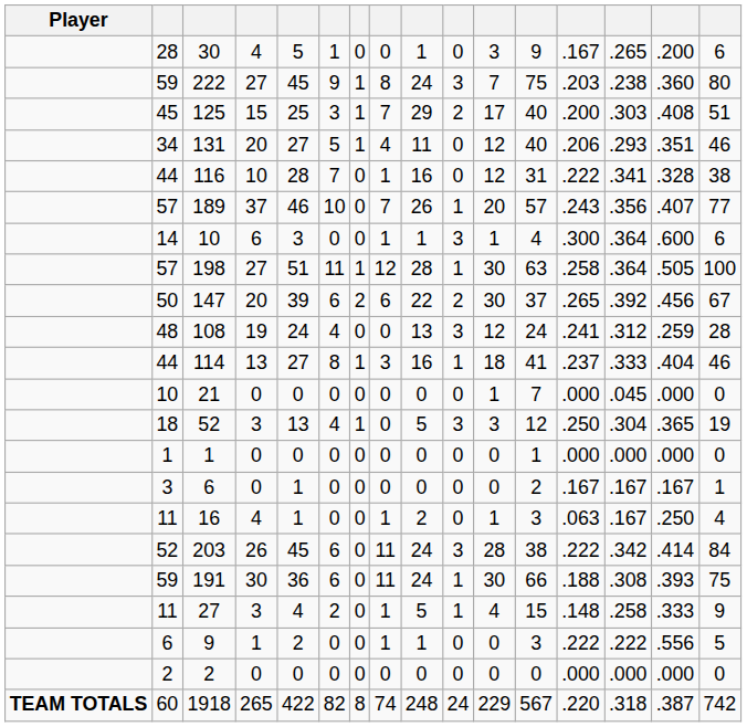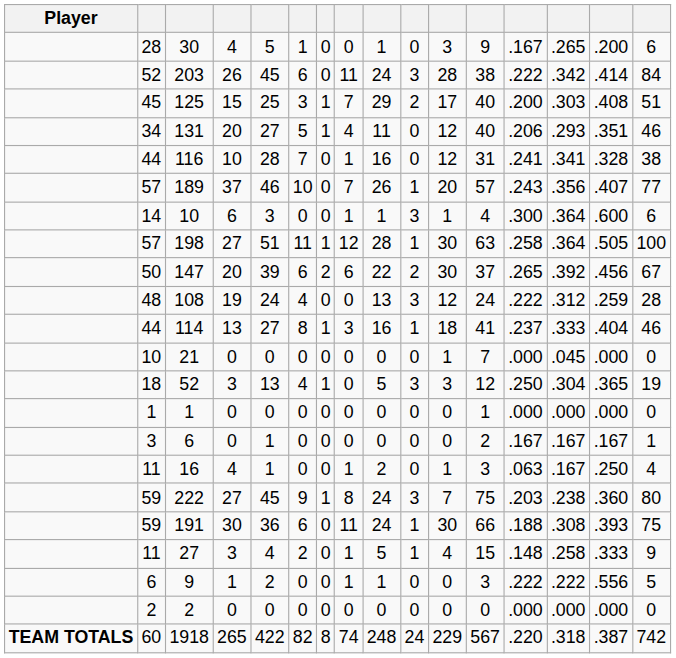 <table class="wikitable sortable" style="text-align:center;">
 <tr>
 <th>Player</th>
 <th></th>
 <th></th>
 <th></th>
 <th></th>
 <th></th>
 <th></th>
 <th></th>
 <th></th>
 <th></th>
 <th></th>
 <th></th>
 <th></th>
 <th></th>
 <th></th>
 <th></th>
 </tr>
 <tr>
 <td align=left></td>
 <td>28</td>
 <td>30</td>
 <td>4</td>
 <td>5</td>
 <td>1</td>
 <td>0</td>
 <td>0</td>
 <td>1</td>
 <td>0</td>
 <td>3</td>
 <td>9</td>
 <td>.167</td>
 <td>.265</td>
 <td>.200</td>
 <td>6</td>
 </tr>
 <tr>
 <td align=left></td>
-<td>59</td>
-<td>222</td>
-<td>27</td>
+<td>52</td>
+<td>203</td>
+<td>26</td>
 <td>45</td>
-<td>9</td>
-<td>1</td>
-<td>8</td>
+<td>6</td>
+<td>0</td>
+<td>11</td>
 <td>24</td>
 <td>3</td>
-<td>7</td>
-<td>75</td>
-<td>.203</td>
-<td>.238</td>
-<td>.360</td>
-<td>80</td>
+<td>28</td>
+<td>38</td>
+<td>.222</td>
+<td>.342</td>
+<td>.414</td>
+<td>84</td>
 </tr>
 <tr>
 <td align=left></td>
 <td>45</td>
 <td>125</td>
 <td>15</td>
 <td>25</td>
 <td>3</td>
 <td>1</td>
 <td>7</td>
 <td>29</td>
 <td>2</td>
 <td>17</td>
 <td>40</td>
 <td>.200</td>
 <td>.303</td>
 <td>.408</td>
 <td>51</td>
 </tr>
 <tr>
 <td align=left></td>
 <td>34</td>
 <td>131</td>
 <td>20</td>
 <td>27</td>
 <td>5</td>
 <td>1</td>
 <td>4</td>
 <td>11</td>
 <td>0</td>
 <td>12</td>
 <td>40</td>
 <td>.206</td>
 <td>.293</td>
 <td>.351</td>
 <td>46</td>
 </tr>
 <tr>
 <td align=left></td>
 <td>44</td>
 <td>116</td>
 <td>10</td>
 <td>28</td>
 <td>7</td>
 <td>0</td>
 <td>1</td>
 <td>16</td>
 <td>0</td>
 <td>12</td>
 <td>31</td>
-<td>.222</td>
+<td>.241</td>
 <td>.341</td>
 <td>.328</td>
 <td>38</td>
 </tr>
 <tr>
 <td align=left></td>
 <td>57</td>
 <td>189</td>
 <td>37</td>
 <td>46</td>
 <td>10</td>
 <td>0</td>
 <td>7</td>
 <td>26</td>
 <td>1</td>
 <td>20</td>
 <td>57</td>
 <td>.243</td>
 <td>.356</td>
 <td>.407</td>
 <td>77</td>
 </tr>
 <tr>
 <td align=left></td>
 <td>14</td>
 <td>10</td>
 <td>6</td>
 <td>3</td>
 <td>0</td>
 <td>0</td>
 <td>1</td>
 <td>1</td>
 <td>3</td>
 <td>1</td>
 <td>4</td>
 <td>.300</td>
 <td>.364</td>
 <td>.600</td>
 <td>6</td>
 </tr>
 <tr>
 <td align=left></td>
 <td>57</td>
 <td>198</td>
 <td>27</td>
 <td>51</td>
 <td>11</td>
 <td>1</td>
 <td>12</td>
 <td>28</td>
 <td>1</td>
 <td>30</td>
 <td>63</td>
 <td>.258</td>
 <td>.364</td>
 <td>.505</td>
 <td>100</td>
 </tr>
 <tr>
 <td align=left></td>
 <td>50</td>
 <td>147</td>
 <td>20</td>
 <td>39</td>
 <td>6</td>
 <td>2</td>
 <td>6</td>
 <td>22</td>
 <td>2</td>
 <td>30</td>
 <td>37</td>
 <td>.265</td>
 <td>.392</td>
 <td>.456</td>
 <td>67</td>
 </tr>
 <tr>
 <td align=left></td>
 <td>48</td>
 <td>108</td>
 <td>19</td>
 <td>24</td>
 <td>4</td>
 <td>0</td>
 <td>0</td>
 <td>13</td>
 <td>3</td>
 <td>12</td>
 <td>24</td>
-<td>.241</td>
+<td>.222</td>
 <td>.312</td>
 <td>.259</td>
 <td>28</td>
 </tr>
 <tr>
 <td align=left></td>
 <td>44</td>
 <td>114</td>
 <td>13</td>
 <td>27</td>
 <td>8</td>
 <td>1</td>
 <td>3</td>
 <td>16</td>
 <td>1</td>
 <td>18</td>
 <td>41</td>
 <td>.237</td>
 <td>.333</td>
 <td>.404</td>
 <td>46</td>
 </tr>
 <tr>
 <td align=left></td>
 <td>10</td>
 <td>21</td>
 <td>0</td>
 <td>0</td>
 <td>0</td>
 <td>0</td>
 <td>0</td>
 <td>0</td>
 <td>0</td>
 <td>1</td>
 <td>7</td>
 <td>.000</td>
 <td>.045</td>
 <td>.000</td>
 <td>0</td>
 </tr>
 <tr>
 <td align=left></td>
 <td>18</td>
 <td>52</td>
 <td>3</td>
 <td>13</td>
 <td>4</td>
 <td>1</td>
 <td>0</td>
 <td>5</td>
 <td>3</td>
 <td>3</td>
 <td>12</td>
 <td>.250</td>
 <td>.304</td>
 <td>.365</td>
 <td>19</td>
 </tr>
 <tr>
 <td align=left></td>
 <td>1</td>
 <td>1</td>
 <td>0</td>
 <td>0</td>
 <td>0</td>
 <td>0</td>
 <td>0</td>
 <td>0</td>
 <td>0</td>
 <td>0</td>
 <td>1</td>
 <td>.000</td>
 <td>.000</td>
 <td>.000</td>
 <td>0</td>
 </tr>
 <tr>
 <td align=left></td>
 <td>3</td>
 <td>6</td>
 <td>0</td>
 <td>1</td>
 <td>0</td>
 <td>0</td>
 <td>0</td>
 <td>0</td>
 <td>0</td>
 <td>0</td>
 <td>2</td>
 <td>.167</td>
 <td>.167</td>
 <td>.167</td>
 <td>1</td>
 </tr>
 <tr>
 <td align=left></td>
 <td>11</td>
 <td>16</td>
 <td>4</td>
 <td>1</td>
 <td>0</td>
 <td>0</td>
 <td>1</td>
 <td>2</td>
 <td>0</td>
 <td>1</td>
 <td>3</td>
 <td>.063</td>
 <td>.167</td>
 <td>.250</td>
 <td>4</td>
 </tr>
 <tr>
 <td align=left></td>
-<td>52</td>
-<td>203</td>
-<td>26</td>
+<td>59</td>
+<td>222</td>
+<td>27</td>
 <td>45</td>
-<td>6</td>
-<td>0</td>
-<td>11</td>
+<td>9</td>
+<td>1</td>
+<td>8</td>
 <td>24</td>
 <td>3</td>
-<td>28</td>
-<td>38</td>
-<td>.222</td>
-<td>.342</td>
-<td>.414</td>
-<td>84</td>
+<td>7</td>
+<td>75</td>
+<td>.203</td>
+<td>.238</td>
+<td>.360</td>
+<td>80</td>
 </tr>
 <tr>
 <td align=left></td>
 <td>59</td>
 <td>191</td>
 <td>30</td>
 <td>36</td>
 <td>6</td>
 <td>0</td>
 <td>11</td>
 <td>24</td>
 <td>1</td>
 <td>30</td>
 <td>66</td>
 <td>.188</td>
 <td>.308</td>
 <td>.393</td>
 <td>75</td>
 </tr>
 <tr>
 <td align=left></td>
 <td>11</td>
 <td>27</td>
 <td>3</td>
 <td>4</td>
 <td>2</td>
 <td>0</td>
 <td>1</td>
 <td>5</td>
 <td>1</td>
 <td>4</td>
 <td>15</td>
 <td>.148</td>
 <td>.258</td>
 <td>.333</td>
 <td>9</td>
 </tr>
 <tr>
 <td align=left></td>
 <td>6</td>
 <td>9</td>
 <td>1</td>
 <td>2</td>
 <td>0</td>
 <td>0</td>
 <td>1</td>
 <td>1</td>
 <td>0</td>
 <td>0</td>
 <td>3</td>
 <td>.222</td>
 <td>.222</td>
 <td>.556</td>
 <td>5</td>
 </tr>
 <tr>
 <td align=left></td>
 <td>2</td>
 <td>2</td>
 <td>0</td>
 <td>0</td>
 <td>0</td>
 <td>0</td>
 <td>0</td>
 <td>0</td>
 <td>0</td>
 <td>0</td>
 <td>0</td>
 <td>.000</td>
 <td>.000</td>
 <td>.000</td>
 <td>0</td>
 </tr>
 <tr class="sortbottom">
 <td align="left"><strong>TEAM TOTALS</strong></td>
 <td>60</td>
 <td>1918</td>
 <td>265</td>
 <td>422</td>
 <td>82</td>
 <td>8</td>
 <td>74</td>
 <td>248</td>
 <td>24</td>
 <td>229</td>
 <td>567</td>
 <td>.220</td>
 <td>.318</td>
 <td>.387</td>
 <td>742</td>
 </tr>
 </table>
